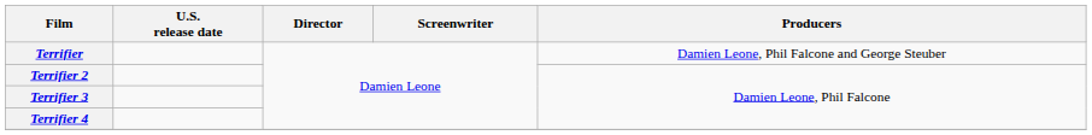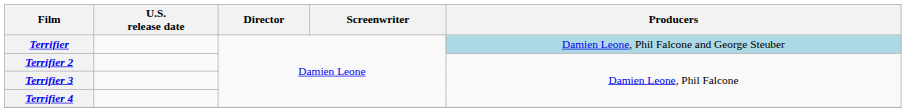 <table class="wikitable plainrowheaders" style="text-align:center" width=100%>
 <tr>
 <th scope="col" style="width:10%;">Film</th>
 <th scope="col">U.S. <br>release date</th>
 <th scope="col">Director</th>
 <th scope="col">Screenwriter</th>
 <th scope="col">Producers</th>
 </tr>
 <tr>
 <th scope="row"><em><a href='#'>Terrifier</a></em></th>
 <td style="text-align:center"></td>
 <td colspan="2" rowspan="4"><a href='#'>Damien Leone</a></td>
-<td><a href='#'>Damien Leone</a>, Phil Falcone and George Steuber</td>
+<td style="background: lightblue;"><a href='#'>Damien Leone</a>, Phil Falcone and George Steuber</td>
 </tr>
 <tr>
 <th scope="row"><em><a href='#'>Terrifier 2</a></em></th>
 <td style="text-align:center"></td>
 <td rowspan="3"><a href='#'>Damien Leone</a>, Phil Falcone</td>
 </tr>
 <tr>
 <th scope="row"><em><a href='#'>Terrifier 3</a></em></th>
 <td></td>
 </tr>
 <tr>
 <th scope="row"><em><a href='#'>Terrifier 4</a></em></th>
 <td></td>
 </tr>
 <tr>
 </tr>
 </table>
